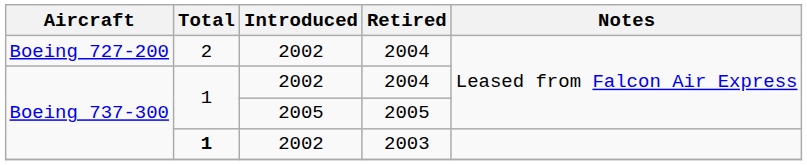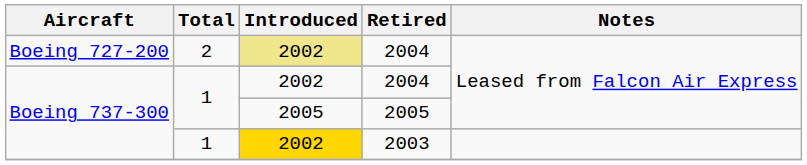 <table class="wikitable" style="margin:0.5em auto; text-align:center">
 <tr>
 <th>Aircraft</th>
 <th>Total</th>
 <th>Introduced</th>
 <th>Retired</th>
 <th>Notes</th>
 </tr>
 <tr>
 <td><a href='#'>Boeing 727-200</a></td>
 <td>2</td>
-<td>2002</td>
+<td style="background: khaki;">2002</td>
 <td>2004</td>
 <td rowspan=3>Leased from <a href='#'>Falcon Air Express</a></td>
 </tr>
 <tr>
 <td rowspan=3><a href='#'>Boeing 737-300</a></td>
 <td rowspan=2>1</td>
 <td>2002</td>
 <td>2004</td>
 </tr>
 <tr>
 <td>2005</td>
 <td>2005</td>
 </tr>
 <tr>
-<td><strong>1</strong></td>
-<td>2002</td>
+<td>1</td>
+<td style="background: gold;">2002</td>
 <td>2003</td>
 <td></td>
 </tr>
 <tr>
 </tr>
 </table>
